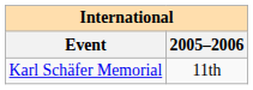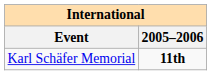 <table class="wikitable" style="text-align:center">
 <tr>
 <th style="background-color: #ffdead; " colspan=2 align=center>International</th>
 </tr>
 <tr>
 <th>Event</th>
 <th>2005–2006</th>
 </tr>
 <tr>
 <td align=left><a href='#'>Karl Schäfer Memorial</a></td>
-<td>11th</td>
+<td><strong>11th</strong></td>
 </tr>
 </table>
